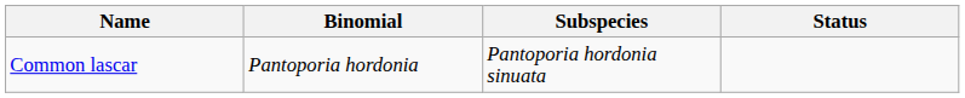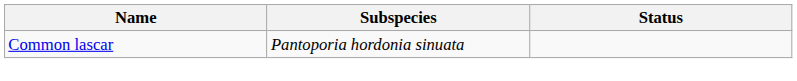 <table width=60% class="wikitable">
 <tr>
 <th width=20%>Name</th>
-<th width=20%>Binomial</th>
 <th width=20%>Subspecies</th>
 <th width=20%>Status</th>
 </tr>
 <tr>
 <td><a href='#'>Common lascar</a><br> </td>
-<td><em>Pantoporia hordonia</em></td>
 <td><em>Pantoporia hordonia sinuata</em></td>
 <td></td>
 </tr>
 </table>
